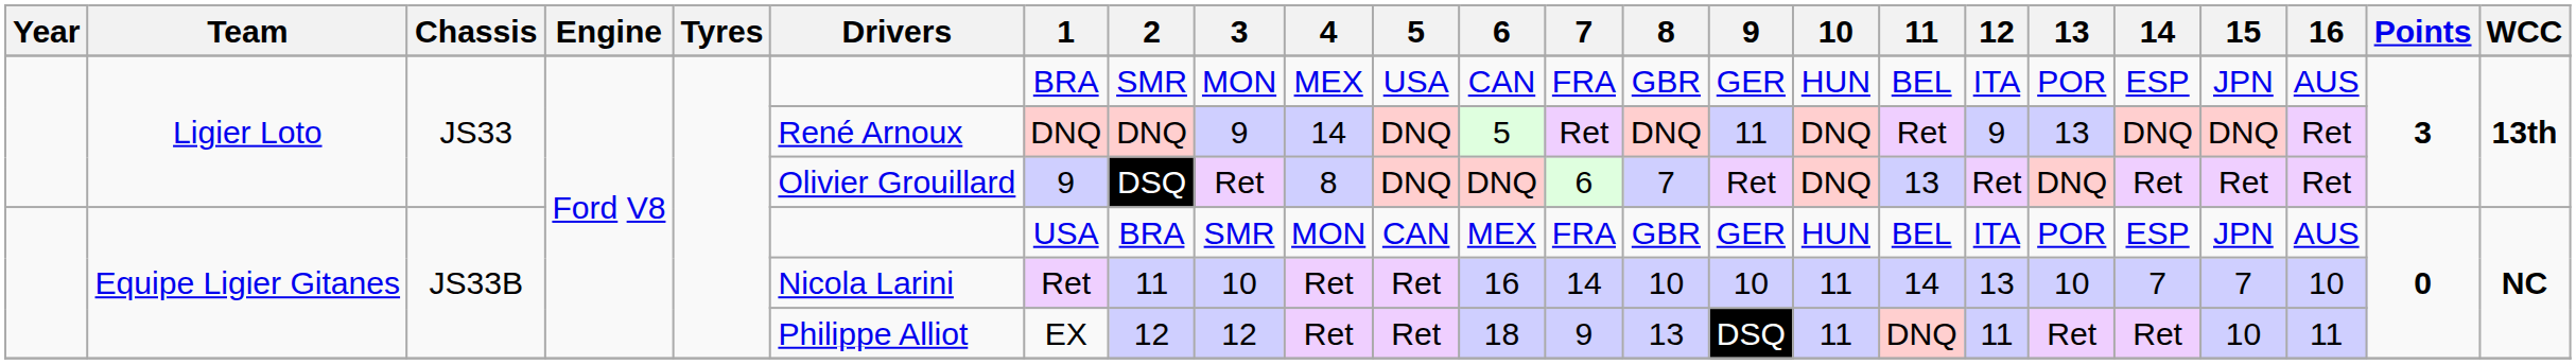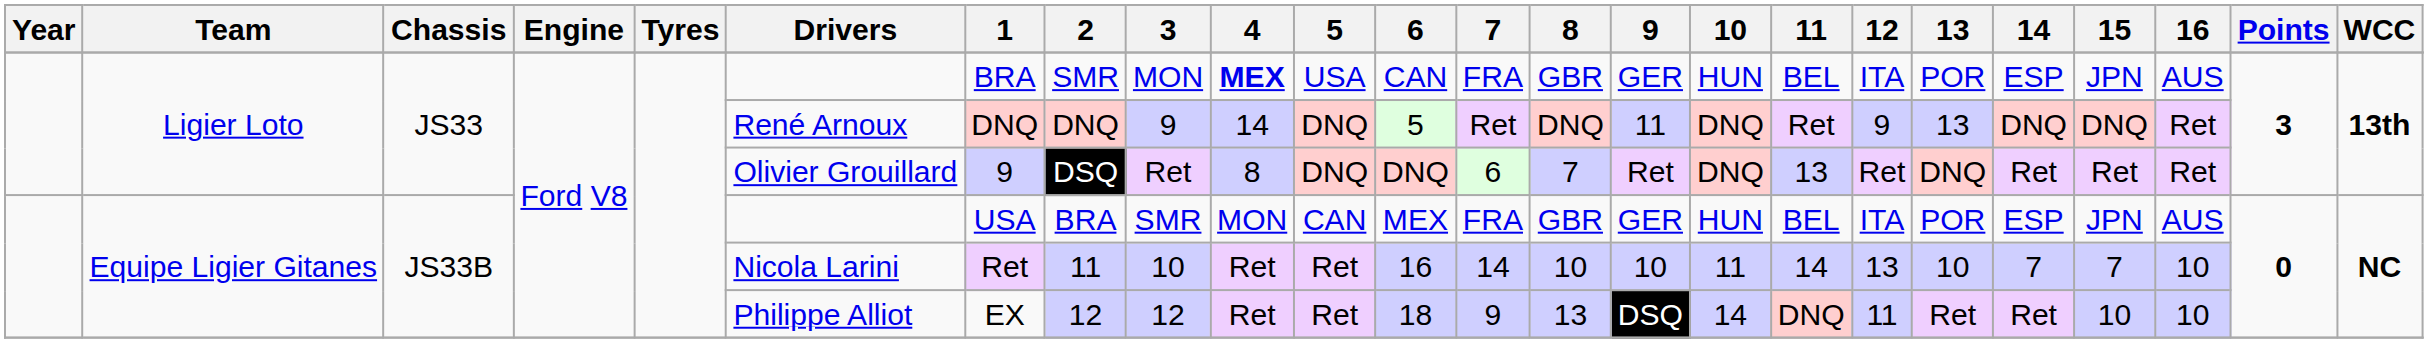 <table class="wikitable" style="text-align:center; font-size:95%">
 <tr>
 <th>Year</th>
 <th>Team</th>
 <th>Chassis</th>
 <th>Engine</th>
 <th>Tyres</th>
 <th>Drivers</th>
 <th>1</th>
 <th>2</th>
 <th>3</th>
 <th>4</th>
 <th>5</th>
 <th>6</th>
 <th>7</th>
 <th>8</th>
 <th>9</th>
 <th>10</th>
 <th>11</th>
 <th>12</th>
 <th>13</th>
 <th>14</th>
 <th>15</th>
 <th>16</th>
 <th><a href='#'>Points</a></th>
 <th>WCC</th>
 </tr>
 <tr>
 </tr>
 <tr>
 <td rowspan="3"></td>
 <td rowspan="3"><a href='#'>Ligier Loto</a></td>
 <td rowspan="3">JS33</td>
 <td rowspan="6"><a href='#'>Ford</a> <a href='#'>V8</a></td>
 <td rowspan="6"></td>
 <td></td>
 <td><a href='#'>BRA</a></td>
 <td><a href='#'>SMR</a></td>
 <td><a href='#'>MON</a></td>
-<td><a href='#'>MEX</a></td>
+<td><strong><a href='#'>MEX</a></strong></td>
 <td><a href='#'>USA</a></td>
 <td><a href='#'>CAN</a></td>
 <td><a href='#'>FRA</a></td>
 <td><a href='#'>GBR</a></td>
 <td><a href='#'>GER</a></td>
 <td><a href='#'>HUN</a></td>
 <td><a href='#'>BEL</a></td>
 <td><a href='#'>ITA</a></td>
 <td><a href='#'>POR</a></td>
 <td><a href='#'>ESP</a></td>
 <td><a href='#'>JPN</a></td>
 <td><a href='#'>AUS</a></td>
 <td rowspan="3"><strong>3</strong></td>
 <td rowspan="3"><strong>13th</strong></td>
 </tr>
 <tr>
 <td align="left"><a href='#'>René Arnoux</a></td>
 <td style="background:#FFCFCF;">DNQ</td>
 <td style="background:#FFCFCF;">DNQ</td>
 <td style="background:#CFCFFF;">9</td>
 <td style="background:#CFCFFF;">14</td>
 <td style="background:#FFCFCF;">DNQ</td>
 <td style="background:#DFFFDF;">5</td>
 <td style="background:#EFCFFF;">Ret</td>
 <td style="background:#FFCFCF;">DNQ</td>
 <td style="background:#CFCFFF;">11</td>
 <td style="background:#FFCFCF;">DNQ</td>
 <td style="background:#EFCFFF;">Ret</td>
 <td style="background:#CFCFFF;">9</td>
 <td style="background:#CFCFFF;">13</td>
 <td style="background:#FFCFCF;">DNQ</td>
 <td style="background:#FFCFCF;">DNQ</td>
 <td style="background:#EFCFFF;">Ret</td>
 </tr>
 <tr>
 <td align="left"><a href='#'>Olivier Grouillard</a></td>
 <td style="background:#CFCFFF;">9</td>
 <td style="background:#000; color:white;">DSQ</td>
 <td style="background:#EFCFFF;">Ret</td>
 <td style="background:#CFCFFF;">8</td>
 <td style="background:#FFCFCF;">DNQ</td>
 <td style="background:#FFCFCF;">DNQ</td>
 <td style="background:#DFFFDF;">6</td>
 <td style="background:#CFCFFF;">7</td>
 <td style="background:#EFCFFF;">Ret</td>
 <td style="background:#FFCFCF;">DNQ</td>
 <td style="background:#CFCFFF;">13</td>
 <td style="background:#EFCFFF;">Ret</td>
 <td style="background:#FFCFCF;">DNQ</td>
 <td style="background:#EFCFFF;">Ret</td>
 <td style="background:#EFCFFF;">Ret</td>
 <td style="background:#EFCFFF;">Ret</td>
 </tr>
 <tr>
 <td rowspan="3"></td>
 <td rowspan="3"><a href='#'>Equipe Ligier Gitanes</a></td>
 <td rowspan="3">JS33B</td>
 <td></td>
 <td><a href='#'>USA</a></td>
 <td><a href='#'>BRA</a></td>
 <td><a href='#'>SMR</a></td>
 <td><a href='#'>MON</a></td>
 <td><a href='#'>CAN</a></td>
 <td><a href='#'>MEX</a></td>
 <td><a href='#'>FRA</a></td>
 <td><a href='#'>GBR</a></td>
 <td><a href='#'>GER</a></td>
 <td><a href='#'>HUN</a></td>
 <td><a href='#'>BEL</a></td>
 <td><a href='#'>ITA</a></td>
 <td><a href='#'>POR</a></td>
 <td><a href='#'>ESP</a></td>
 <td><a href='#'>JPN</a></td>
 <td><a href='#'>AUS</a></td>
 <td rowspan="3"><strong>0</strong></td>
 <td rowspan="3"><strong>NC</strong></td>
 </tr>
 <tr>
 <td align="left"><a href='#'>Nicola Larini</a></td>
 <td style="background:#EFCFFF;">Ret</td>
 <td style="background:#CFCFFF;">11</td>
 <td style="background:#CFCFFF;">10</td>
 <td style="background:#EFCFFF;">Ret</td>
 <td style="background:#EFCFFF;">Ret</td>
 <td style="background:#CFCFFF;">16</td>
 <td style="background:#CFCFFF;">14</td>
 <td style="background:#CFCFFF;">10</td>
 <td style="background:#CFCFFF;">10</td>
 <td style="background:#CFCFFF;">11</td>
 <td style="background:#CFCFFF;">14</td>
 <td style="background:#CFCFFF;">13</td>
 <td style="background:#CFCFFF;">10</td>
 <td style="background:#CFCFFF;">7</td>
 <td style="background:#CFCFFF;">7</td>
 <td style="background:#CFCFFF;">10</td>
 </tr>
 <tr>
 <td align="left"><a href='#'>Philippe Alliot</a></td>
 <td>EX</td>
 <td style="background:#CFCFFF;">12</td>
 <td style="background:#CFCFFF;">12</td>
 <td style="background:#EFCFFF;">Ret</td>
 <td style="background:#EFCFFF;">Ret</td>
 <td style="background:#CFCFFF;">18</td>
 <td style="background:#CFCFFF;">9</td>
 <td style="background:#CFCFFF;">13</td>
 <td style="background:#000; color:white;">DSQ</td>
-<td style="background:#CFCFFF;">11</td>
+<td style="background:#CFCFFF;">14</td>
 <td style="background:#FFCFCF;">DNQ</td>
 <td style="background:#CFCFFF;">11</td>
 <td style="background:#EFCFFF;">Ret</td>
 <td style="background:#EFCFFF;">Ret</td>
 <td style="background:#CFCFFF;">10</td>
-<td style="background:#CFCFFF;">11</td>
+<td style="background:#CFCFFF;">10</td>
 </tr>
 <tr>
 </tr>
 </table>
